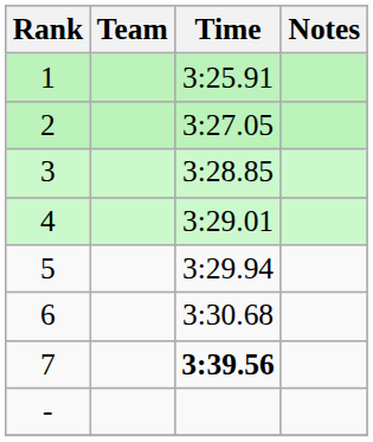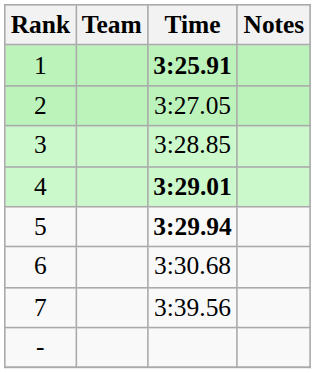 <table class="wikitable sortable collapsible" style="text-align:center">
 <tr>
 <th>Rank</th>
 <th>Team</th>
 <th>Time</th>
 <th>Notes</th>
 </tr>
 <tr bgcolor=bbf3bb>
 <td>1</td>
 <td></td>
-<td>3:25.91</td>
+<td><strong>3:25.91</strong></td>
 <td></td>
 </tr>
 <tr bgcolor=bbf3bb>
 <td>2</td>
 <td></td>
 <td>3:27.05</td>
 <td></td>
 </tr>
 <tr bgcolor=ccf9cc>
 <td>3</td>
 <td></td>
 <td>3:28.85</td>
 <td></td>
 </tr>
 <tr bgcolor=ccf9cc>
 <td>4</td>
 <td></td>
-<td>3:29.01</td>
+<td><strong>3:29.01</strong></td>
 <td></td>
 </tr>
 <tr>
 <td>5</td>
 <td></td>
-<td>3:29.94</td>
+<td><strong>3:29.94</strong></td>
 <td></td>
 </tr>
 <tr>
 <td>6</td>
 <td></td>
 <td>3:30.68</td>
 <td></td>
 </tr>
 <tr>
 <td>7</td>
 <td></td>
-<td><strong>3:39.56</strong></td>
+<td>3:39.56</td>
 <td></td>
 </tr>
 <tr>
 <td>-</td>
 <td></td>
 <td></td>
 <td></td>
 </tr>
 <tr>
 </tr>
 </table>
